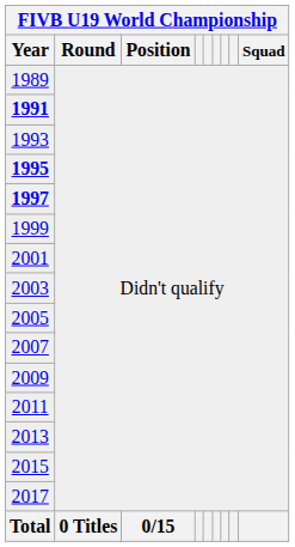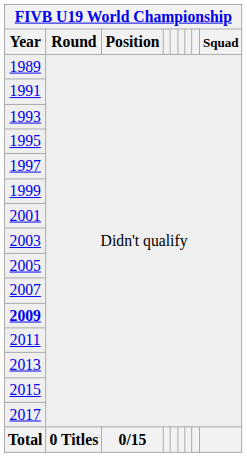 <table class="wikitable" style="text-align: center;">
 <tr>
 <th colspan=9><a href='#'>FIVB U19 World Championship</a></th>
 </tr>
 <tr>
 <th>Year</th>
 <th>Round</th>
 <th>Position</th>
 <th></th>
 <th></th>
 <th></th>
 <th></th>
 <th></th>
 <th><small>Squad</small></th>
 </tr>
 <tr bgcolor="efefef">
 <td> <a href='#'>1989</a></td>
 <td colspan=9 rowspan=15>Didn't qualify</td>
 </tr>
 <tr bgcolor="efefef">
-<td><strong> <a href='#'>1991</a></strong></td>
+<td> <a href='#'>1991</a></td>
 </tr>
 <tr bgcolor="efefef">
 <td> <a href='#'>1993</a></td>
 </tr>
 <tr bgcolor="efefef">
-<td><strong> <a href='#'>1995</a></strong></td>
+<td> <a href='#'>1995</a></td>
 </tr>
 <tr bgcolor="efefef">
-<td><strong> <a href='#'>1997</a></strong></td>
+<td> <a href='#'>1997</a></td>
 </tr>
 <tr bgcolor="efefef">
 <td> <a href='#'>1999</a></td>
 </tr>
 <tr bgcolor="efefef">
 <td> <a href='#'>2001</a></td>
 </tr>
 <tr bgcolor="efefef">
 <td> <a href='#'>2003</a></td>
 </tr>
 <tr bgcolor="efefef">
 <td> <a href='#'>2005</a></td>
 </tr>
 <tr bgcolor="efefef">
 <td> <a href='#'>2007</a></td>
 </tr>
 <tr bgcolor="efefef">
-<td> <a href='#'>2009</a></td>
+<td><strong> <a href='#'>2009</a></strong></td>
 </tr>
 <tr bgcolor="efefef">
 <td> <a href='#'>2011</a></td>
 </tr>
 <tr bgcolor="efefef">
 <td> <a href='#'>2013</a></td>
 </tr>
 <tr bgcolor="efefef">
 <td> <a href='#'>2015</a></td>
 </tr>
 <tr bgcolor="efefef">
 <td> <a href='#'>2017</a></td>
 </tr>
 <tr bgcolor="efefef">
 <th>Total</th>
 <th>0 Titles</th>
 <th>0/15</th>
 <th></th>
 <th></th>
 <th></th>
 <th></th>
 <th></th>
 <th></th>
 </tr>
 </table>
